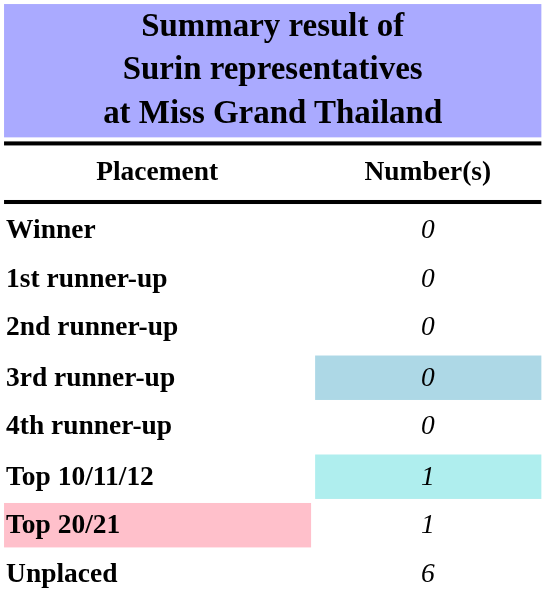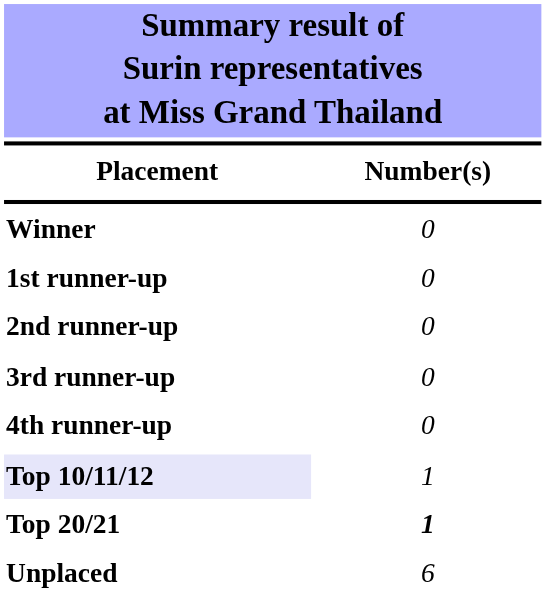 <table style="width: 270px; font-size:85%; line-height:1.5em;">
 <tr>
 <th colspan="2" align="center" style="background:#AAF;"><big>Summary result of<br>Surin representatives<br>at Miss Grand Thailand</big></th>
 </tr>
 <tr>
 <td colspan="2" style="background:black"></td>
 </tr>
 <tr>
 <th scope="col">Placement</th>
 <th scope="col">Number(s)</th>
 </tr>
 <tr>
 <td colspan="2" style="background:black"></td>
 </tr>
 <tr>
 <td align="left"><strong>Winner</strong></td>
 <td align="center"><em>0</em></td>
 </tr>
 <tr>
 <td align="left"><strong>1st runner-up</strong></td>
 <td align="center"><em>0</em></td>
 </tr>
 <tr>
 <td align="left"><strong>2nd runner-up</strong></td>
 <td align="center"><em>0</em></td>
 </tr>
 <tr>
 <td align="left"><strong>3rd runner-up</strong></td>
-<td align="center" style="background: lightblue;"><em>0</em></td>
+<td align="center"><em>0</em></td>
 </tr>
 <tr>
 <td align="left"><strong>4th runner-up</strong></td>
 <td align="center"><em>0</em></td>
 </tr>
 <tr>
-<td align="left"><strong>Top 10/11/12</strong></td>
-<td align="center" style="background: paleturquoise;"><em>1</em></td>
+<td align="left" style="background: lavender;"><strong>Top 10/11/12</strong></td>
+<td align="center"><em>1</em></td>
 </tr>
 <tr>
-<td align="left" style="background: pink;"><strong>Top 20/21</strong></td>
-<td align="center"><em>1</em></td>
+<td align="left"><strong>Top 20/21</strong></td>
+<td align="center"><strong><em>1</em></strong></td>
 </tr>
 <tr>
 <td align="left"><strong>Unplaced</strong></td>
 <td align="center"><em>6</em></td>
 </tr>
 </table>
